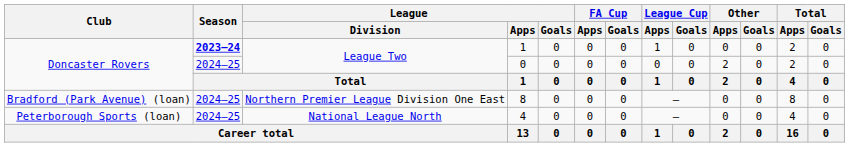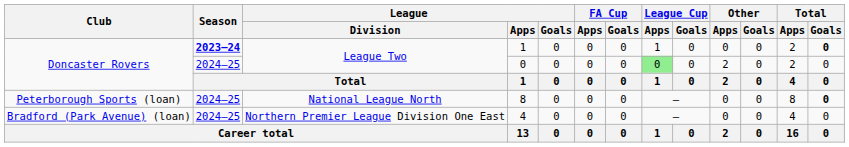 <table class="wikitable" style="text-align: center">
 <tr>
 <th rowspan="2">Club</th>
 <th rowspan="2">Season</th>
 <th colspan="3">League</th>
 <th colspan="2"><a href='#'>FA Cup</a></th>
 <th colspan="2"><a href='#'>League Cup</a></th>
 <th colspan="2">Other</th>
 <th colspan="2">Total</th>
 </tr>
 <tr>
 <th>Division</th>
 <th>Apps</th>
 <th>Goals</th>
 <th>Apps</th>
 <th>Goals</th>
 <th>Apps</th>
 <th>Goals</th>
 <th>Apps</th>
 <th>Goals</th>
 <th>Apps</th>
 <th>Goals</th>
 </tr>
 <tr>
 <td rowspan="3"><a href='#'>Doncaster Rovers</a></td>
 <td><strong><a href='#'>2023–24</a></strong></td>
 <td rowspan="2"><a href='#'>League Two</a></td>
 <td>1</td>
 <td>0</td>
 <td>0</td>
 <td>0</td>
 <td>1</td>
 <td>0</td>
 <td>0</td>
 <td>0</td>
 <td>2</td>
-<td>0</td>
+<td><strong>0</strong></td>
 </tr>
 <tr>
 <td><a href='#'>2024–25</a></td>
 <td>0</td>
 <td>0</td>
 <td>0</td>
 <td>0</td>
-<td>0</td>
+<td style="background: lightgreen;">0</td>
 <td>0</td>
 <td>2</td>
 <td>0</td>
 <td>2</td>
 <td>0</td>
 </tr>
 <tr>
 <th colspan="2">Total</th>
 <th>1</th>
 <th>0</th>
 <th>0</th>
 <th>0</th>
 <th>1</th>
 <th>0</th>
 <th>2</th>
 <th>0</th>
 <th>4</th>
 <th>0</th>
 </tr>
 <tr>
-<td><a href='#'>Bradford (Park Avenue)</a> (loan)</td>
+<td><a href='#'>Peterborough Sports</a> (loan)</td>
 <td><a href='#'>2024–25</a></td>
-<td><a href='#'>Northern Premier League</a> Division One East</td>
+<td><a href='#'>National League North</a></td>
 <td>8</td>
 <td>0</td>
 <td>0</td>
 <td>0</td>
 <td colspan="2">—</td>
 <td>0</td>
 <td>0</td>
 <td>8</td>
-<td>0</td>
+<td><strong>0</strong></td>
 </tr>
 <tr>
-<td><a href='#'>Peterborough Sports</a> (loan)</td>
+<td><a href='#'>Bradford (Park Avenue)</a> (loan)</td>
 <td><a href='#'>2024–25</a></td>
-<td><a href='#'>National League North</a></td>
+<td><a href='#'>Northern Premier League</a> Division One East</td>
 <td>4</td>
 <td>0</td>
 <td>0</td>
 <td>0</td>
 <td colspan="2">–</td>
 <td>0</td>
 <td>0</td>
 <td>4</td>
 <td>0</td>
 </tr>
 <tr>
 <th colspan="3">Career total</th>
 <th>13</th>
 <th>0</th>
 <th>0</th>
 <th>0</th>
 <th>1</th>
 <th>0</th>
 <th>2</th>
 <th>0</th>
 <th>16</th>
 <th>0</th>
 </tr>
 </table>
